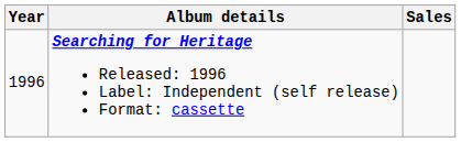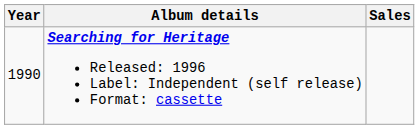 <table class="wikitable">
 <tr>
 <th>Year</th>
 <th>Album details</th>
 <th>Sales</th>
 </tr>
 <tr>
-<td style="text-align:center;">1996</td>
+<td style="text-align:center;">1990</td>
 <td><strong><em><a href='#'>Searching for Heritage</a></em></strong><br><ul><li>Released: 1996</li><li>Label: Independent (self release)</li><li>Format: <a href='#'>cassette</a></li></ul></td>
 <td></td>
 </tr>
 </table>
